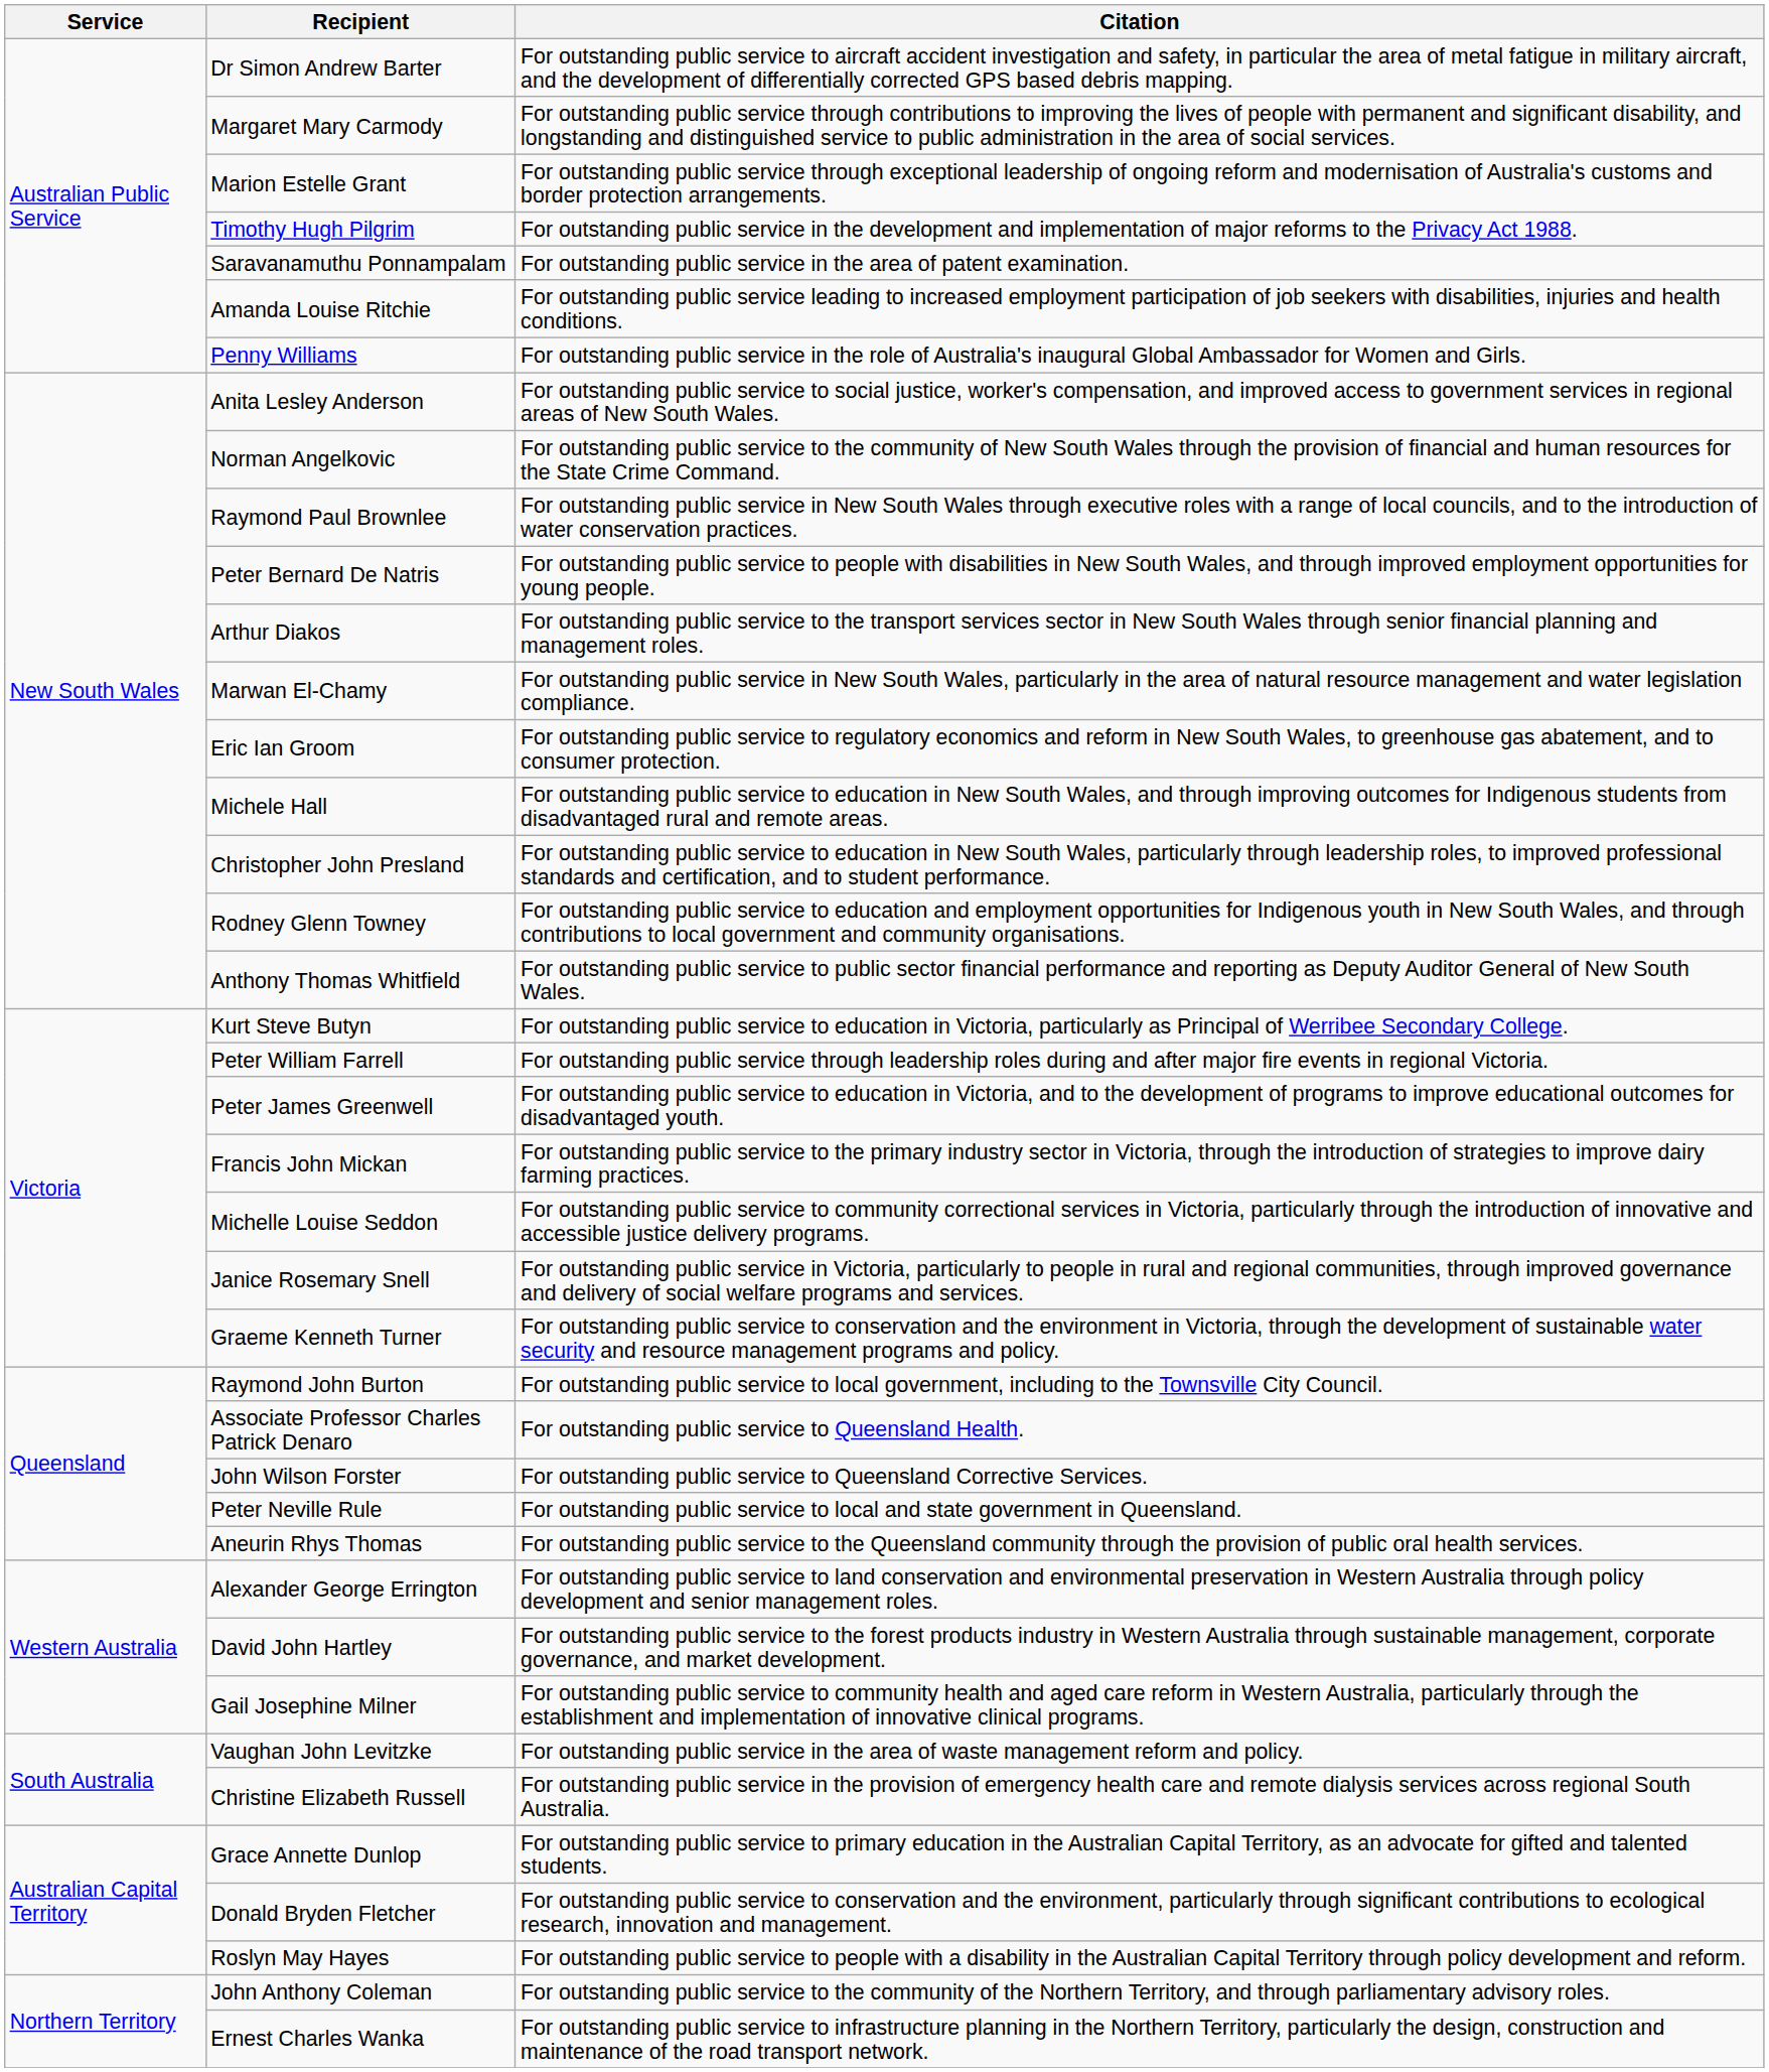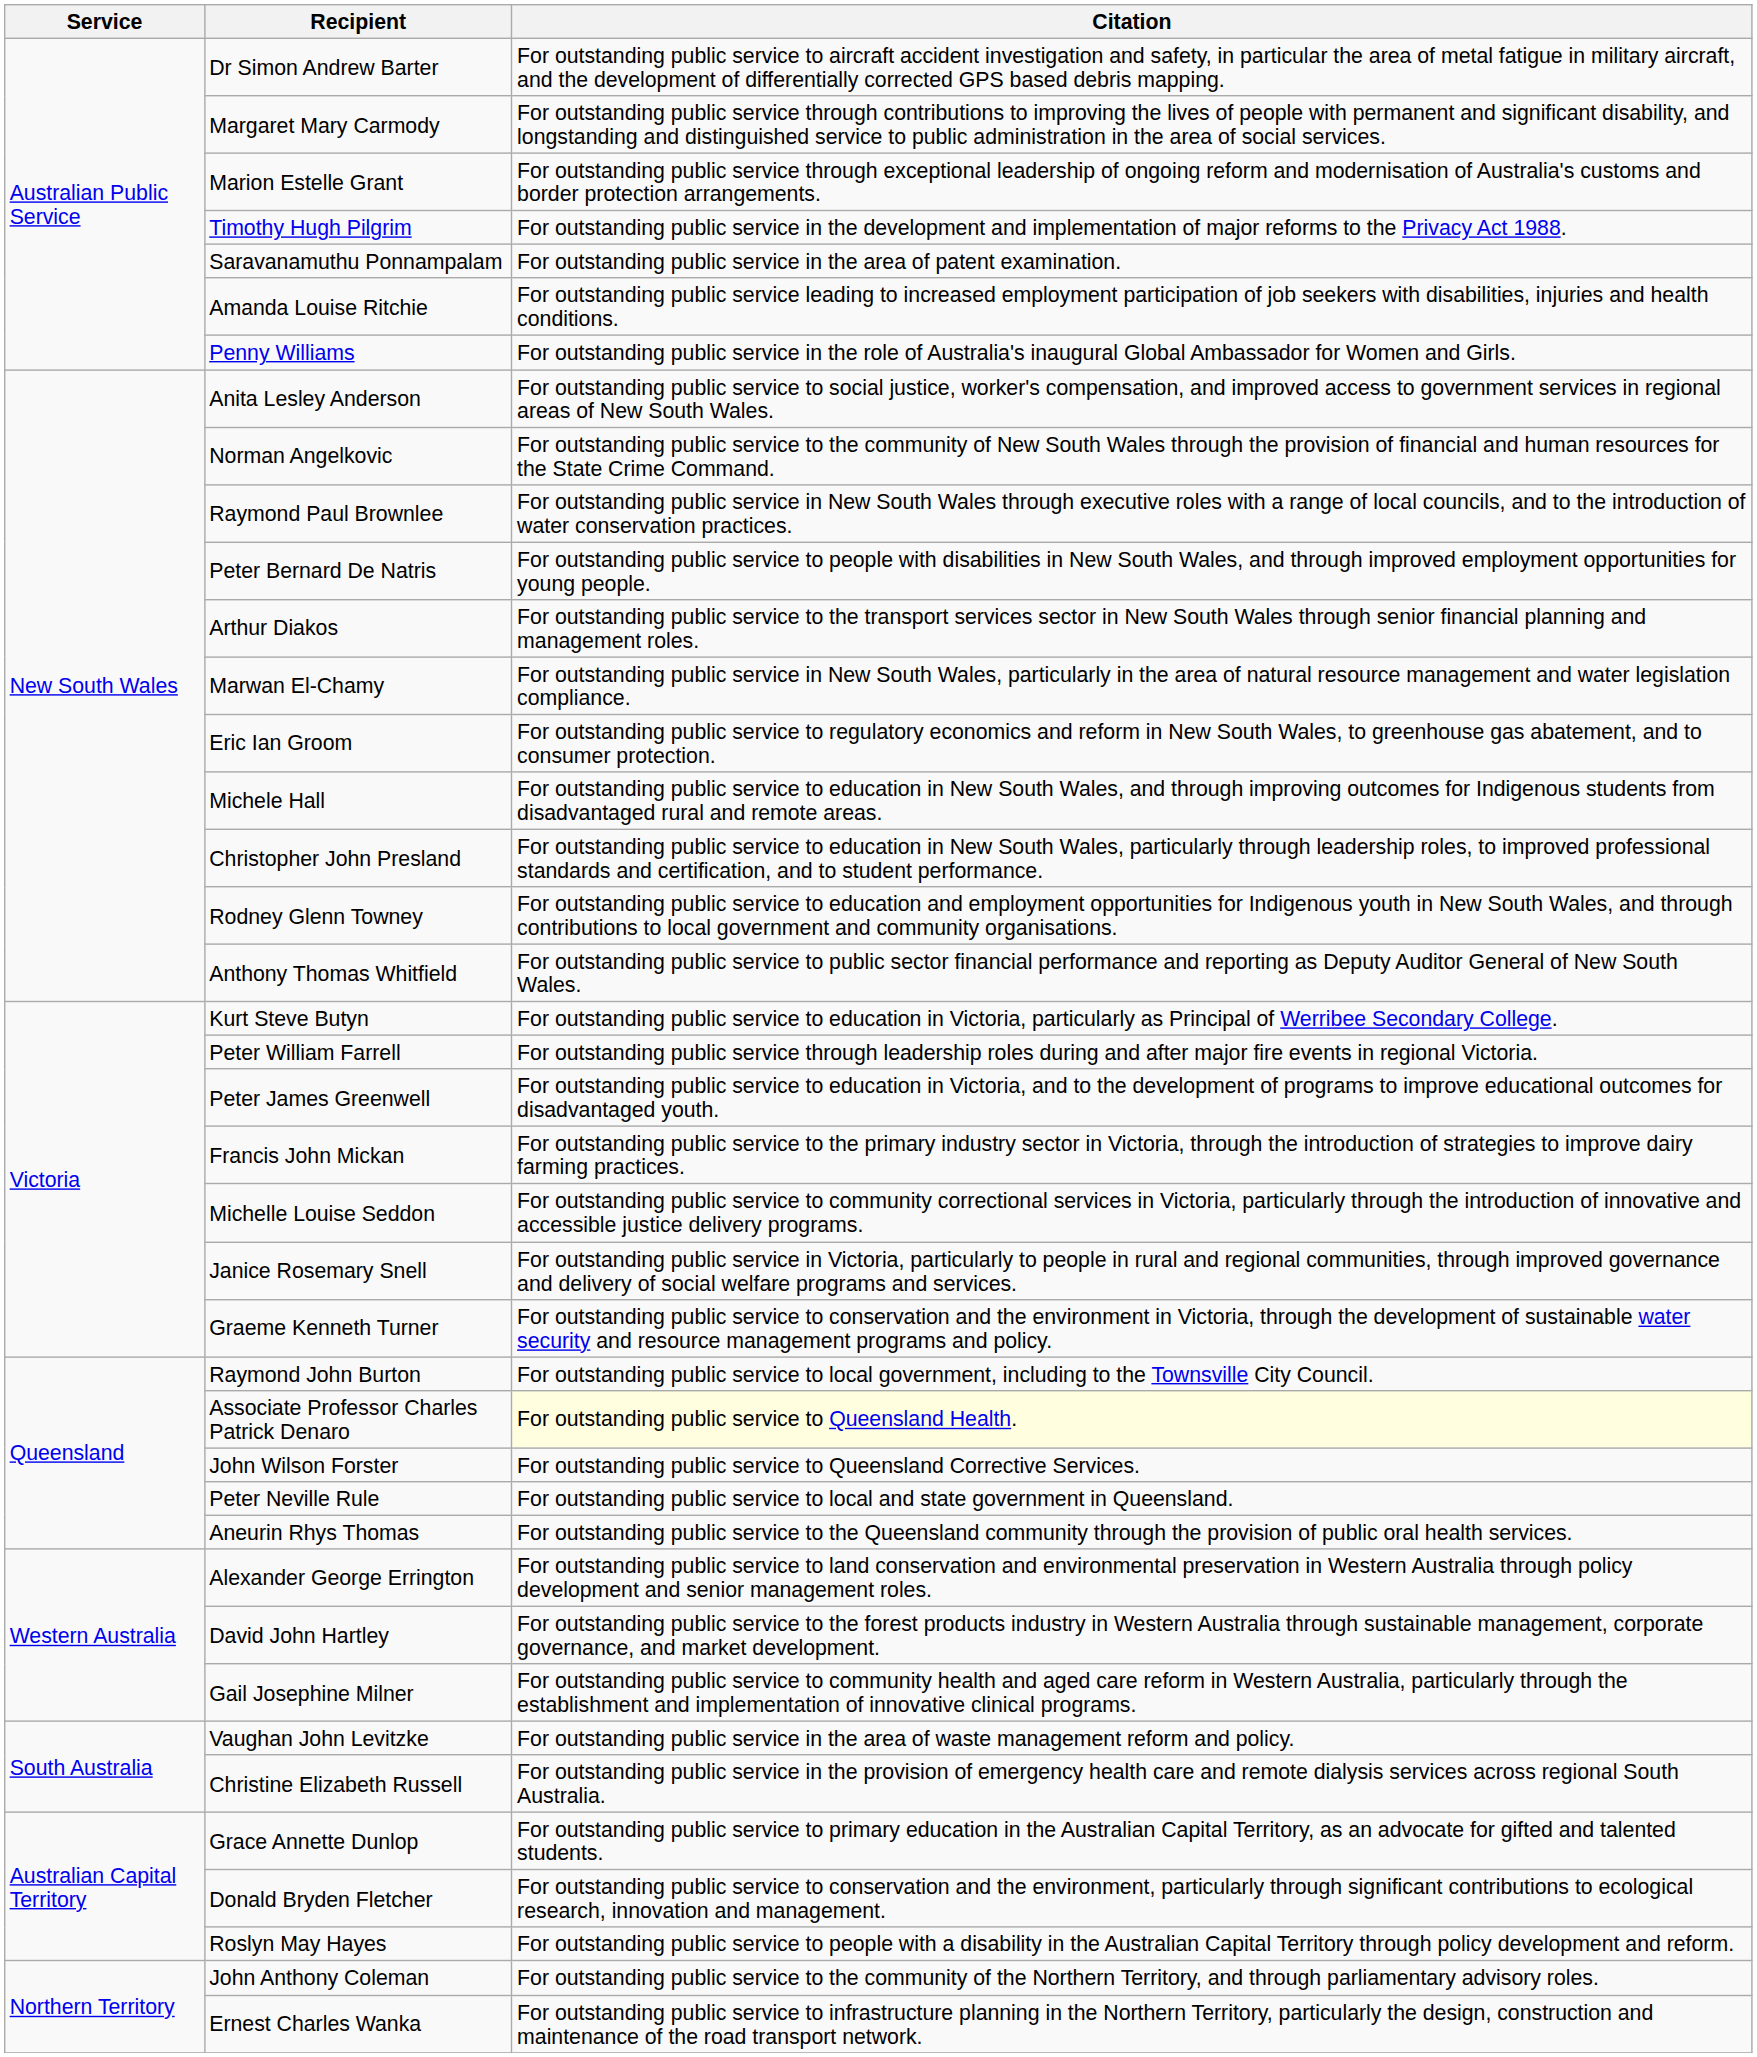 <table class="wikitable" style="font-size:95%;">
 <tr>
 <th>Service</th>
 <th>Recipient</th>
 <th>Citation</th>
 </tr>
 <tr>
 <td rowspan="7"><a href='#'>Australian Public Service</a></td>
 <td>Dr Simon Andrew Barter</td>
 <td>For outstanding public service to aircraft accident investigation and safety, in particular the area of metal fatigue in military aircraft, and the development of differentially corrected GPS based debris mapping.</td>
 </tr>
 <tr>
 <td>Margaret Mary Carmody</td>
 <td>For outstanding public service through contributions to improving the lives of people with permanent and significant disability, and longstanding and distinguished service to public administration in the area of social services.</td>
 </tr>
 <tr>
 <td>Marion Estelle Grant</td>
 <td>For outstanding public service through exceptional leadership of ongoing reform and modernisation of Australia's customs and border protection arrangements.</td>
 </tr>
 <tr>
 <td><a href='#'>Timothy Hugh Pilgrim</a></td>
 <td>For outstanding public service in the development and implementation of major reforms to the <a href='#'>Privacy Act 1988</a>.</td>
 </tr>
 <tr>
 <td>Saravanamuthu Ponnampalam</td>
 <td>For outstanding public service in the area of patent examination.</td>
 </tr>
 <tr>
 <td>Amanda Louise Ritchie</td>
 <td>For outstanding public service leading to increased employment participation of job seekers with disabilities, injuries and health conditions.</td>
 </tr>
 <tr>
 <td><a href='#'>Penny Williams</a></td>
 <td>For outstanding public service in the role of Australia's inaugural Global Ambassador for Women and Girls.</td>
 </tr>
 <tr>
 <td rowspan="11"><a href='#'>New South Wales</a></td>
 <td>Anita Lesley Anderson</td>
 <td>For outstanding public service to social justice, worker's compensation, and improved access to government services in regional areas of New South Wales.</td>
 </tr>
 <tr>
 <td>Norman Angelkovic</td>
 <td>For outstanding public service to the community of New South Wales through the provision of financial and human resources for the State Crime Command.</td>
 </tr>
 <tr>
 <td>Raymond Paul Brownlee</td>
 <td>For outstanding public service in New South Wales through executive roles with a range of local councils, and to the introduction of water conservation practices.</td>
 </tr>
 <tr>
 <td>Peter Bernard De Natris</td>
 <td>For outstanding public service to people with disabilities in New South Wales, and through improved employment opportunities for young people.</td>
 </tr>
 <tr>
 <td>Arthur Diakos</td>
 <td>For outstanding public service to the transport services sector in New South Wales through senior financial planning and management roles.</td>
 </tr>
 <tr>
 <td>Marwan El-Chamy</td>
 <td>For outstanding public service in New South Wales, particularly in the area of natural resource management and water legislation compliance.</td>
 </tr>
 <tr>
 <td>Eric Ian Groom</td>
 <td>For outstanding public service to regulatory economics and reform in New South Wales, to greenhouse gas abatement, and to consumer protection.</td>
 </tr>
 <tr>
 <td>Michele Hall</td>
 <td>For outstanding public service to education in New South Wales, and through improving outcomes for Indigenous students from disadvantaged rural and remote areas.</td>
 </tr>
 <tr>
 <td>Christopher John Presland</td>
 <td>For outstanding public service to education in New South Wales, particularly through leadership roles, to improved professional standards and certification, and to student performance.</td>
 </tr>
 <tr>
 <td>Rodney Glenn Towney</td>
 <td>For outstanding public service to education and employment opportunities for Indigenous youth in New South Wales, and through contributions to local government and community organisations.</td>
 </tr>
 <tr>
 <td>Anthony Thomas Whitfield</td>
 <td>For outstanding public service to public sector financial performance and reporting as Deputy Auditor General of New South Wales.</td>
 </tr>
 <tr>
 <td rowspan="7"><a href='#'>Victoria</a></td>
 <td>Kurt Steve Butyn</td>
 <td>For outstanding public service to education in Victoria, particularly as Principal of <a href='#'>Werribee Secondary College</a>.</td>
 </tr>
 <tr>
 <td>Peter William Farrell</td>
 <td>For outstanding public service through leadership roles during and after major fire events in regional Victoria.</td>
 </tr>
 <tr>
 <td>Peter James Greenwell</td>
 <td>For outstanding public service to education in Victoria, and to the development of programs to improve educational outcomes for disadvantaged youth.</td>
 </tr>
 <tr>
 <td>Francis John Mickan</td>
 <td>For outstanding public service to the primary industry sector in Victoria, through the introduction of strategies to improve dairy farming practices.</td>
 </tr>
 <tr>
 <td>Michelle Louise Seddon</td>
 <td>For outstanding public service to community correctional services in Victoria, particularly through the introduction of innovative and accessible justice delivery programs.</td>
 </tr>
 <tr>
 <td>Janice Rosemary Snell</td>
 <td>For outstanding public service in Victoria, particularly to people in rural and regional communities, through improved governance and delivery of social welfare programs and services.</td>
 </tr>
 <tr>
 <td>Graeme Kenneth Turner</td>
 <td>For outstanding public service to conservation and the environment in Victoria, through the development of sustainable <a href='#'>water security</a> and resource management programs and policy.</td>
 </tr>
 <tr>
 <td rowspan="5"><a href='#'>Queensland</a></td>
 <td>Raymond John Burton</td>
 <td>For outstanding public service to local government, including to the <a href='#'>Townsville</a> City Council.</td>
 </tr>
 <tr>
 <td>Associate Professor Charles Patrick Denaro</td>
-<td>For outstanding public service to <a href='#'>Queensland Health</a>.</td>
+<td style="background: lightyellow;">For outstanding public service to <a href='#'>Queensland Health</a>.</td>
 </tr>
 <tr>
 <td>John Wilson Forster</td>
 <td>For outstanding public service to Queensland Corrective Services.</td>
 </tr>
 <tr>
 <td>Peter Neville Rule </td>
 <td>For outstanding public service to local and state government in Queensland.</td>
 </tr>
 <tr>
 <td>Aneurin Rhys Thomas </td>
 <td>For outstanding public service to the Queensland community through the provision of public oral health services.</td>
 </tr>
 <tr>
 <td rowspan="3"><a href='#'>Western Australia</a></td>
 <td>Alexander George Errington</td>
 <td>For outstanding public service to land conservation and environmental preservation in Western Australia through policy development and senior management roles.</td>
 </tr>
 <tr>
 <td>David John Hartley</td>
 <td>For outstanding public service to the forest products industry in Western Australia through sustainable management, corporate governance, and market development.</td>
 </tr>
 <tr>
 <td>Gail Josephine Milner</td>
 <td>For outstanding public service to community health and aged care reform in Western Australia, particularly through the establishment and implementation of innovative clinical programs.</td>
 </tr>
 <tr>
 <td rowspan="2"><a href='#'>South Australia</a></td>
 <td>Vaughan John Levitzke</td>
 <td>For outstanding public service in the area of waste management reform and policy.</td>
 </tr>
 <tr>
 <td>Christine Elizabeth Russell</td>
 <td>For outstanding public service in the provision of emergency health care and remote dialysis services across regional South Australia.</td>
 </tr>
 <tr>
 <td rowspan="3"><a href='#'>Australian Capital Territory</a></td>
 <td>Grace Annette Dunlop</td>
 <td>For outstanding public service to primary education in the Australian Capital Territory, as an advocate for gifted and talented students.</td>
 </tr>
 <tr>
 <td>Donald Bryden Fletcher</td>
 <td>For outstanding public service to conservation and the environment, particularly through significant contributions to ecological research, innovation and management.</td>
 </tr>
 <tr>
 <td>Roslyn May Hayes</td>
 <td>For outstanding public service to people with a disability in the Australian Capital Territory through policy development and reform.</td>
 </tr>
 <tr>
 <td rowspan="2"><a href='#'>Northern Territory</a></td>
 <td>John Anthony Coleman</td>
 <td>For outstanding public service to the community of the Northern Territory, and through parliamentary advisory roles.</td>
 </tr>
 <tr>
 <td>Ernest Charles Wanka</td>
 <td>For outstanding public service to infrastructure planning in the Northern Territory, particularly the design, construction and maintenance of the road transport network.</td>
 </tr>
 </table>
